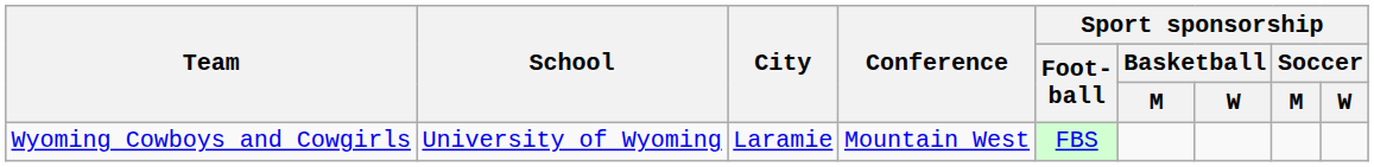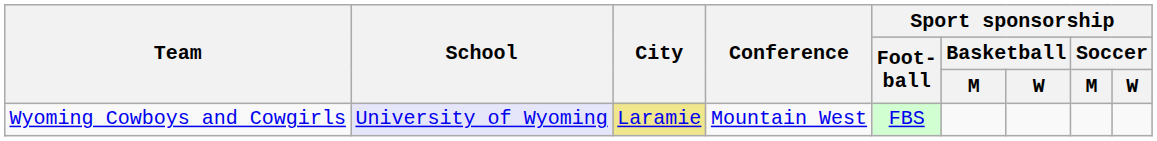 <table class="sortable wikitable">
 <tr>
 <th rowspan=3>Team</th>
 <th rowspan=3>School</th>
 <th rowspan=3>City</th>
 <th rowspan=3>Conference</th>
 <th colspan=5>Sport sponsorship</th>
 </tr>
 <tr>
 <th rowspan=2>Foot-<br>ball</th>
 <th colspan=2>Basketball</th>
 <th colspan=2>Soccer</th>
 </tr>
 <tr>
 <th>M</th>
 <th>W</th>
 <th>M</th>
 <th>W</th>
 </tr>
 <tr>
 <td><a href='#'>Wyoming Cowboys and Cowgirls</a></td>
-<td><a href='#'>University of Wyoming</a></td>
-<td><a href='#'>Laramie</a></td>
+<td style="background: lavender;"><a href='#'>University of Wyoming</a></td>
+<td style="background: khaki;"><a href='#'>Laramie</a></td>
 <td><a href='#'>Mountain West</a></td>
 <td style="background:#D2FFD2; text-align:center"><a href='#'>FBS</a></td>
 <td></td>
 <td></td>
 <td></td>
 <td></td>
 </tr>
 </table>
